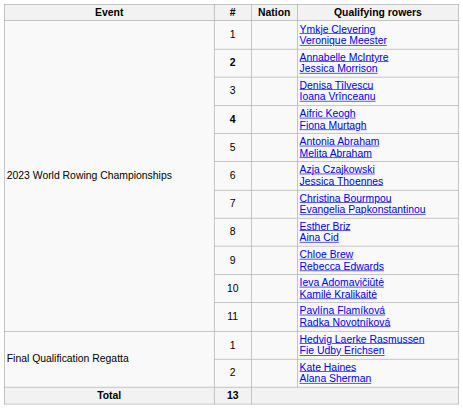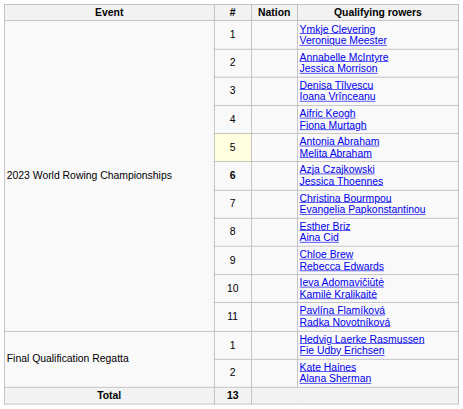 <table class="wikitable"  style="width:700px; text-align:center;">
 <tr>
 <th>Event</th>
 <th width=50>#</th>
 <th>Nation</th>
 <th>Qualifying rowers</th>
 </tr>
 <tr>
 <td rowspan=11 align=left>2023 World Rowing Championships</td>
 <td>1</td>
 <td align=left></td>
 <td align=left><a href='#'>Ymkje Clevering</a><br><a href='#'>Veronique Meester</a></td>
 </tr>
 <tr>
-<td><strong>2</strong></td>
+<td>2</td>
 <td align=left></td>
 <td align=left><a href='#'>Annabelle McIntyre</a><br><a href='#'>Jessica Morrison</a></td>
 </tr>
 <tr>
 <td>3</td>
 <td align=left></td>
 <td align=left><a href='#'>Denisa Tîlvescu</a><br><a href='#'>Ioana Vrînceanu</a></td>
 </tr>
 <tr>
-<td><strong>4</strong></td>
+<td>4</td>
 <td align=left></td>
 <td align=left><a href='#'>Aifric Keogh</a><br><a href='#'>Fiona Murtagh</a></td>
 </tr>
 <tr>
-<td>5</td>
+<td style="background: lightyellow;">5</td>
 <td align=left></td>
 <td align=left><a href='#'>Antonia Abraham</a><br><a href='#'>Melita Abraham</a></td>
 </tr>
 <tr>
-<td>6</td>
+<td><strong>6</strong></td>
 <td align=left></td>
 <td align=left><a href='#'>Azja Czajkowski</a><br><a href='#'>Jessica Thoennes</a></td>
 </tr>
 <tr>
 <td>7</td>
 <td align=left></td>
 <td align=left><a href='#'>Christina Bourmpou</a><br><a href='#'>Evangelia Papkonstantinou</a></td>
 </tr>
 <tr>
 <td>8</td>
 <td align=left></td>
 <td align=left><a href='#'>Esther Briz</a><br><a href='#'>Aina Cid</a></td>
 </tr>
 <tr>
 <td>9</td>
 <td align=left></td>
 <td align=left><a href='#'>Chloe Brew</a><br><a href='#'>Rebecca Edwards</a></td>
 </tr>
 <tr>
 <td>10</td>
 <td align=left></td>
 <td align=left><a href='#'>Ieva Adomavičiūtė</a><br><a href='#'>Kamilė Kralikaitė</a></td>
 </tr>
 <tr>
 <td>11</td>
 <td align=left></td>
 <td align=left><a href='#'>Pavlína Flamíková</a><br><a href='#'>Radka Novotníková</a></td>
 </tr>
 <tr>
 <td rowspan=2 align=left>Final Qualification Regatta</td>
 <td>1</td>
 <td align=left></td>
 <td align=left><a href='#'>Hedvig Laerke Rasmussen</a><br><a href='#'>Fie Udby Erichsen</a></td>
 </tr>
 <tr>
 <td>2</td>
 <td align=left></td>
 <td align=left><a href='#'>Kate Haines</a><br><a href='#'>Alana Sherman</a></td>
 </tr>
 <tr>
 <th>Total</th>
 <th>13</th>
 <th colspan=2></th>
 </tr>
 </table>
